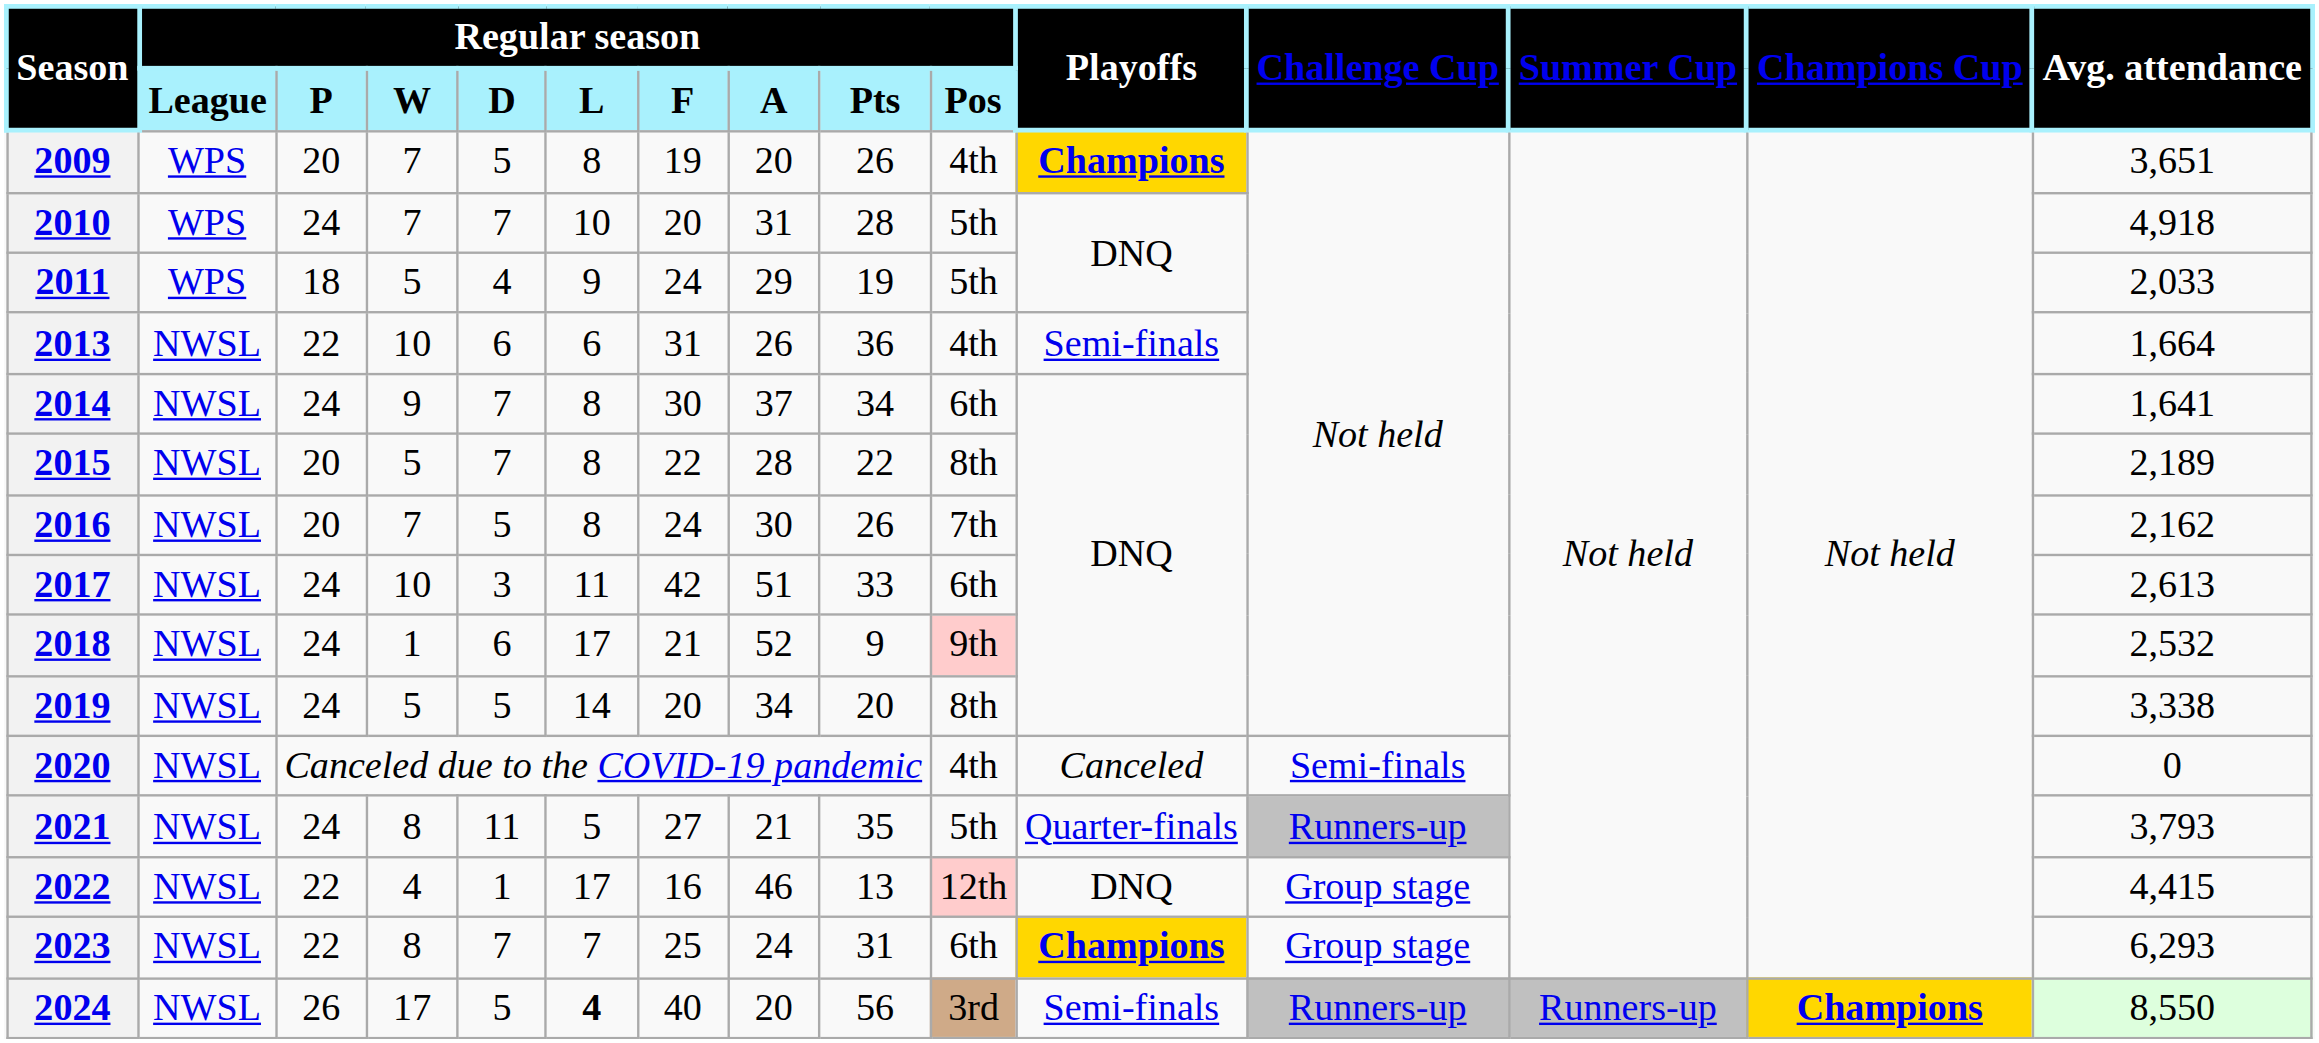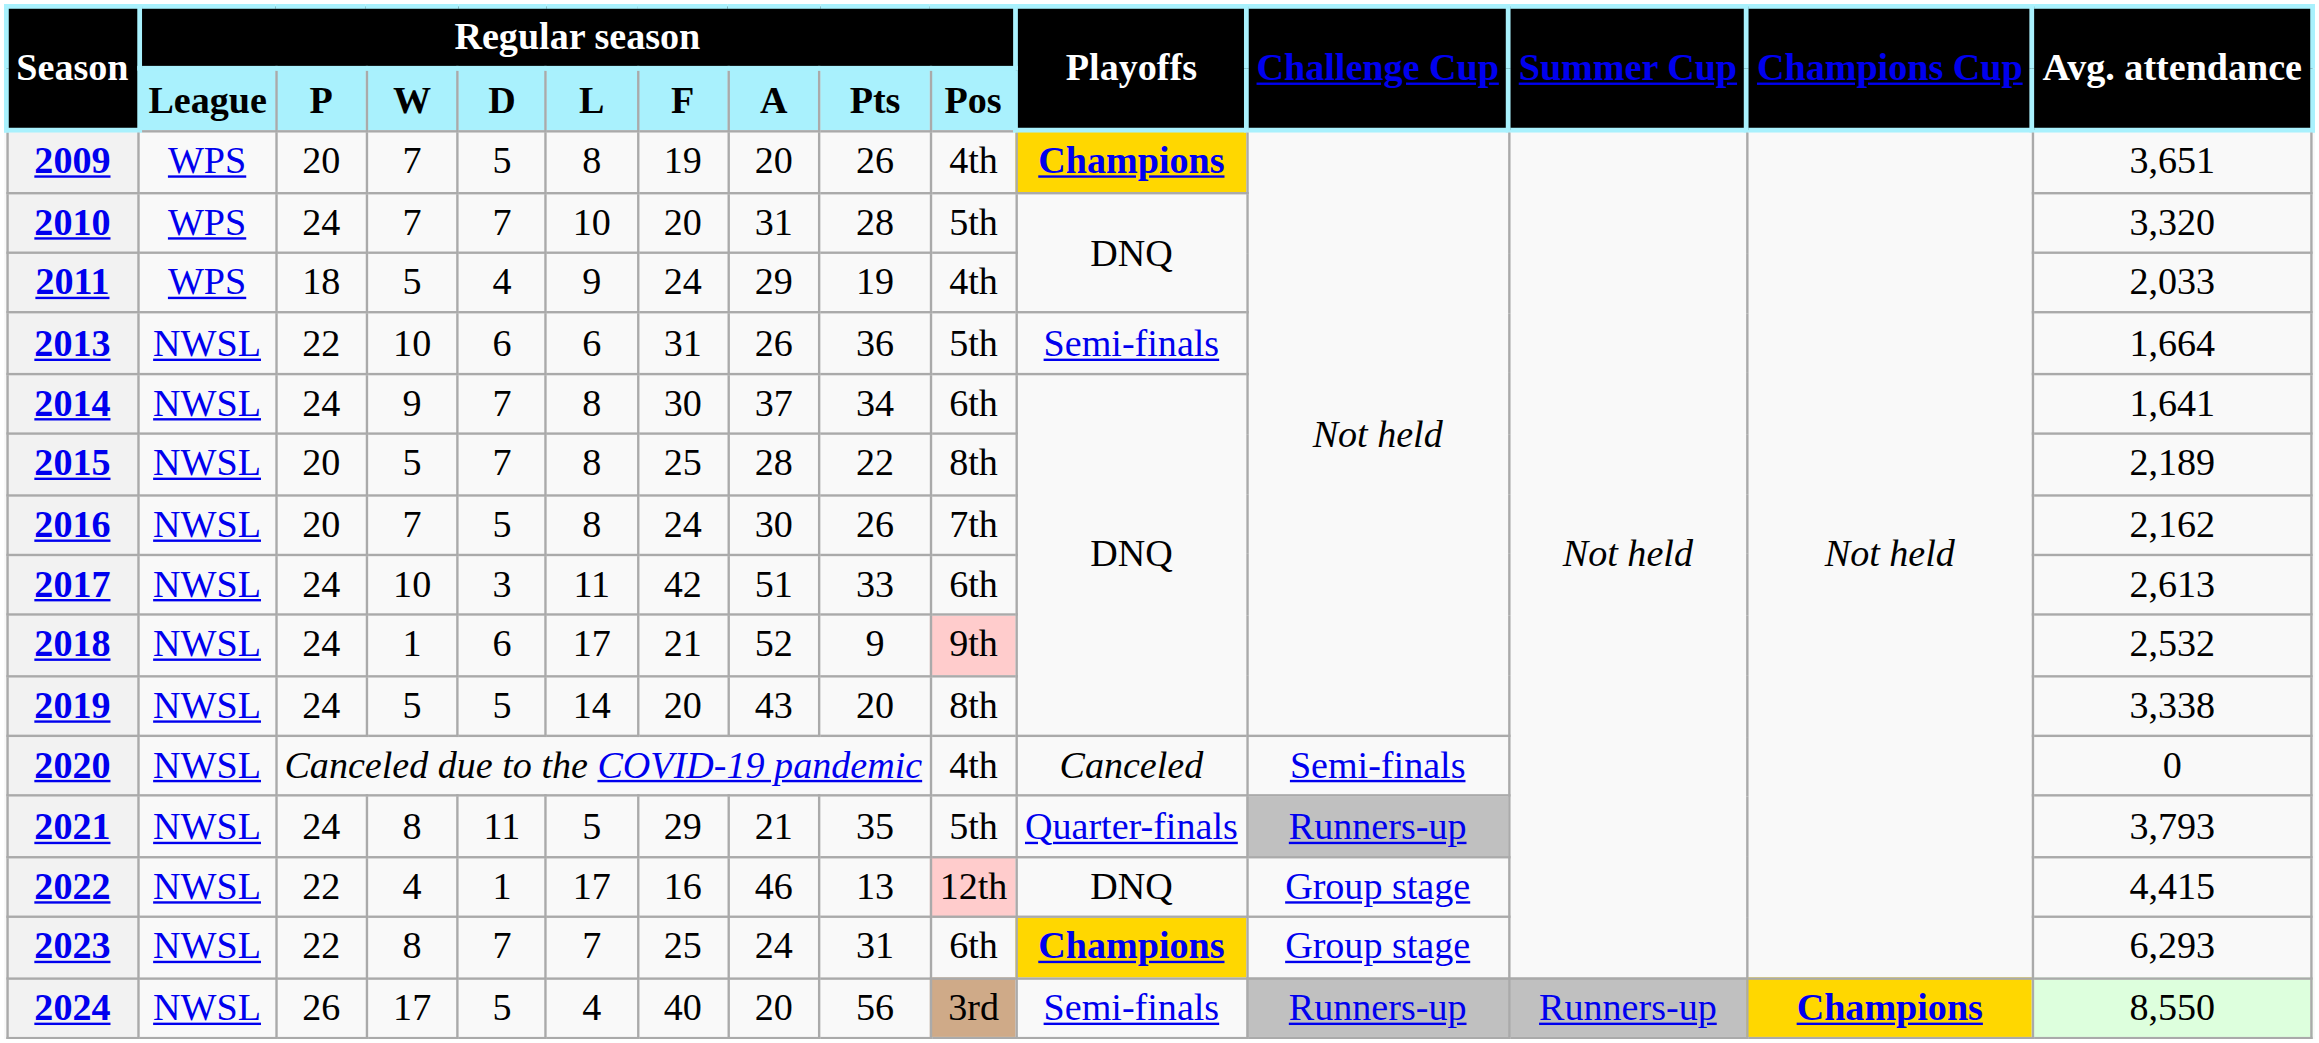 <table class="wikitable" style="text-align: center;">
 <tr>
 <th rowspan=2 style="background:#000000; color:#FFFFFF; border:2px solid #A9F1FD" scope=col>Season</th>
 <th colspan=9 style="background:#000000; color:#FFFFFF; border:2px solid #A9F1FD">Regular season</th>
 <th rowspan=2 style="background:#000000; color:#FFFFFF; border:2px solid #A9F1FD" scope="col">Playoffs</th>
 <th rowspan=2 style="background:#000000; color:#FFFFFF; border:2px solid #A9F1FD" scope="col"><a href='#'><span>Challenge Cup</span></a></th>
 <th rowspan=2 style="background:#000000; color:#FFFFFF; border:2px solid #A9F1FD" scope="col"><a href='#'><span>Summer Cup</span></a></th>
 <th rowspan=2 style="background:#000000; color:#FFFFFF; border:2px solid #A9F1FD" scope="col"><a href='#'><span>Champions Cup</span></a></th>
 <th rowspan=2 style="background:#000000; color:#FFFFFF; border:2px solid #A9F1FD">Avg. attendance</th>
 </tr>
 <tr>
 <th style="background:#A9F1FD; color:#000" scope=col>League</th>
 <th style="background:#A9F1FD; color:#000" scope=col>P</th>
 <th style="background:#A9F1FD; color:#000" scope=col>W</th>
 <th style="background:#A9F1FD; color:#000" scope=col>D</th>
 <th style="background:#A9F1FD; color:#000" scope=col>L</th>
 <th style="background:#A9F1FD; color:#000" scope=col>F</th>
 <th style="background:#A9F1FD; color:#000" scope=col>A</th>
 <th style="background:#A9F1FD; color:#000" scope=col>Pts</th>
 <th style="background:#A9F1FD; color:#000" scope=col>Pos</th>
 </tr>
 <tr>
 <th scope=row style=text-align:center><a href='#'>2009</a></th>
 <td><a href='#'>WPS</a></td>
 <td>20</td>
 <td>7</td>
 <td>5</td>
 <td>8</td>
 <td>19</td>
 <td>20</td>
 <td>26</td>
 <td>4th</td>
 <td bgcolor=gold><strong><a href='#'>Champions</a></strong></td>
 <td rowspan=10><em>Not held</em></td>
 <td rowspan=14><em>Not held</em></td>
 <td rowspan=14><em>Not held</em></td>
 <td>3,651</td>
 </tr>
 <tr>
 <th scope=row style=text-align:center><a href='#'>2010</a></th>
 <td><a href='#'>WPS</a></td>
 <td>24</td>
 <td>7</td>
 <td>7</td>
 <td>10</td>
 <td>20</td>
 <td>31</td>
 <td>28</td>
 <td>5th</td>
 <td rowspan=2>DNQ</td>
-<td>4,918</td>
+<td>3,320</td>
 </tr>
 <tr>
 <th scope=row style=text-align:center><a href='#'>2011</a></th>
 <td><a href='#'>WPS</a></td>
 <td>18</td>
 <td>5</td>
 <td>4</td>
 <td>9</td>
 <td>24</td>
 <td>29</td>
 <td>19</td>
-<td>5th</td>
+<td>4th</td>
 <td>2,033</td>
 </tr>
 <tr>
 <th scope=row style=text-align:center><a href='#'>2013</a></th>
 <td><a href='#'>NWSL</a></td>
 <td>22</td>
 <td>10</td>
 <td>6</td>
 <td>6</td>
 <td>31</td>
 <td>26</td>
 <td>36</td>
-<td>4th</td>
+<td>5th</td>
 <td><a href='#'>Semi-finals</a></td>
 <td>1,664</td>
 </tr>
 <tr>
 <th scope=row style=text-align:center><a href='#'>2014</a></th>
 <td><a href='#'>NWSL</a></td>
 <td>24</td>
 <td>9</td>
 <td>7</td>
 <td>8</td>
 <td>30</td>
 <td>37</td>
 <td>34</td>
 <td>6th</td>
 <td rowspan=6>DNQ</td>
 <td>1,641</td>
 </tr>
 <tr>
 <th scope=row style=text-align:center><a href='#'>2015</a></th>
 <td><a href='#'>NWSL</a></td>
 <td>20</td>
 <td>5</td>
 <td>7</td>
 <td>8</td>
-<td>22</td>
+<td>25</td>
 <td>28</td>
 <td>22</td>
 <td>8th</td>
 <td>2,189</td>
 </tr>
 <tr>
 <th scope=row style=text-align:center><a href='#'>2016</a></th>
 <td><a href='#'>NWSL</a></td>
 <td>20</td>
 <td>7</td>
 <td>5</td>
 <td>8</td>
 <td>24</td>
 <td>30</td>
 <td>26</td>
 <td>7th</td>
 <td>2,162</td>
 </tr>
 <tr>
 <th scope=row style=text-align:center><a href='#'>2017</a></th>
 <td><a href='#'>NWSL</a></td>
 <td>24</td>
 <td>10</td>
 <td>3</td>
 <td>11</td>
 <td>42</td>
 <td>51</td>
 <td>33</td>
 <td>6th</td>
 <td>2,613</td>
 </tr>
 <tr>
 <th scope=row style=text-align:center><a href='#'>2018</a></th>
 <td><a href='#'>NWSL</a></td>
 <td>24</td>
 <td>1</td>
 <td>6</td>
 <td>17</td>
 <td>21</td>
 <td>52</td>
 <td>9</td>
 <td style=background:#FFCCCC>9th</td>
 <td>2,532</td>
 </tr>
 <tr>
 <th scope=row style=text-align:center><a href='#'>2019</a></th>
 <td><a href='#'>NWSL</a></td>
 <td>24</td>
 <td>5</td>
 <td>5</td>
 <td>14</td>
 <td>20</td>
-<td>34</td>
+<td>43</td>
 <td>20</td>
 <td>8th</td>
 <td>3,338</td>
 </tr>
 <tr>
 <th scope=row style=text-align:center><a href='#'>2020</a></th>
 <td><a href='#'>NWSL</a></td>
 <td colspan=7><em>Canceled due to the <a href='#'>COVID-19 pandemic</a></em></td>
 <td>4th</td>
 <td><em>Canceled</em></td>
 <td><a href='#'>Semi-finals</a></td>
 <td>0</td>
 </tr>
 <tr>
 <th scope=row style=text-align:center><a href='#'>2021</a></th>
 <td><a href='#'>NWSL</a></td>
 <td>24</td>
 <td>8</td>
 <td>11</td>
 <td>5</td>
-<td>27</td>
+<td>29</td>
 <td>21</td>
 <td>35</td>
 <td>5th</td>
 <td><a href='#'>Quarter-finals</a></td>
 <td bgcolor=silver><a href='#'>Runners-up</a></td>
 <td>3,793</td>
 </tr>
 <tr>
 <th scope=row style=text-align:center><a href='#'>2022</a></th>
 <td><a href='#'>NWSL</a></td>
 <td>22</td>
 <td>4</td>
 <td>1</td>
 <td>17</td>
 <td>16</td>
 <td>46</td>
 <td>13</td>
 <td style=background:#FFCCCC>12th</td>
 <td>DNQ</td>
 <td><a href='#'>Group stage</a></td>
 <td>4,415</td>
 </tr>
 <tr>
 <th scope=row style=text-align:center><a href='#'>2023</a></th>
 <td><a href='#'>NWSL</a></td>
 <td>22</td>
 <td>8</td>
 <td>7</td>
 <td>7</td>
 <td>25</td>
 <td>24</td>
 <td>31</td>
 <td>6th</td>
 <td bgcolor=gold><strong><a href='#'>Champions</a></strong></td>
 <td><a href='#'>Group stage</a></td>
 <td>6,293</td>
 </tr>
 <tr>
 <th scope=row style=text-align:center><a href='#'>2024</a></th>
 <td><a href='#'>NWSL</a></td>
 <td>26</td>
 <td>17</td>
 <td>5</td>
-<td><strong>4</strong></td>
+<td>4</td>
 <td>40</td>
 <td>20</td>
 <td>56</td>
 <td bgcolor=CFAA88>3rd</td>
 <td><a href='#'>Semi-finals</a></td>
 <td bgcolor=silver><a href='#'>Runners-up</a></td>
 <td bgcolor=silver><a href='#'>Runners-up</a></td>
 <td bgcolor=gold><strong><a href='#'>Champions</a></strong></td>
 <td style="background:#dfd;">8,550</td>
 </tr>
 </table>
